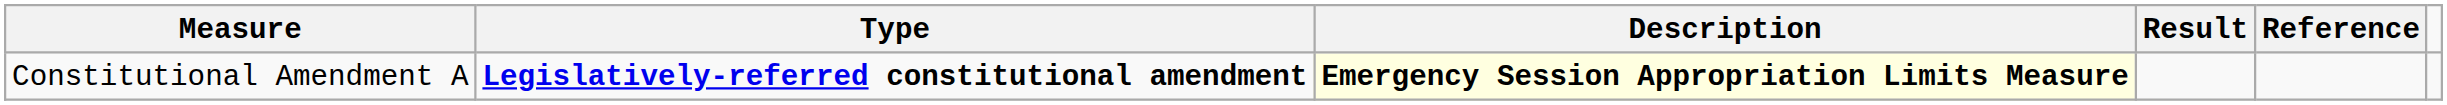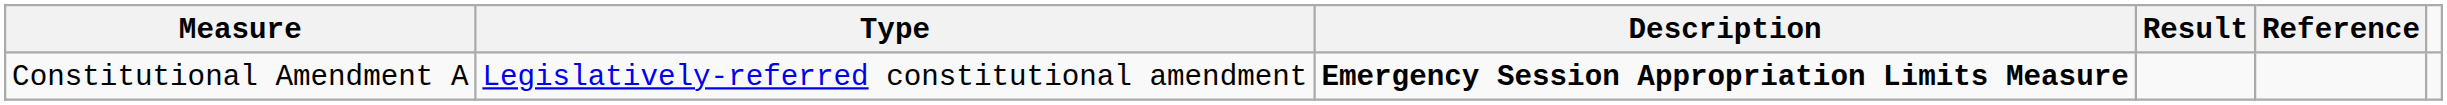 <table class="wikitable">
 <tr>
 <th>Measure</th>
 <th>Type</th>
 <th>Description</th>
 <th>Result</th>
 <th>Reference</th>
 </tr>
 <tr>
 <td>Constitutional Amendment A</td>
-<td><strong><a href='#'>Legislatively-referred</a> constitutional amendment</strong></td>
-<td style="background: lightyellow;"><strong>Emergency Session Appropriation Limits Measure</strong></td>
+<td><a href='#'>Legislatively-referred</a> constitutional amendment</td>
+<td><strong>Emergency Session Appropriation Limits Measure</strong></td>
 <td></td>
 <td></td>
 <td></td>
 </tr>
 </table>
